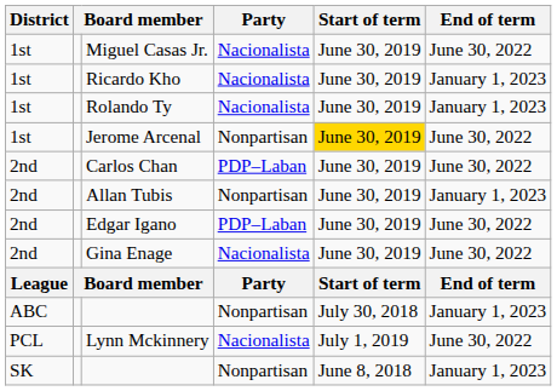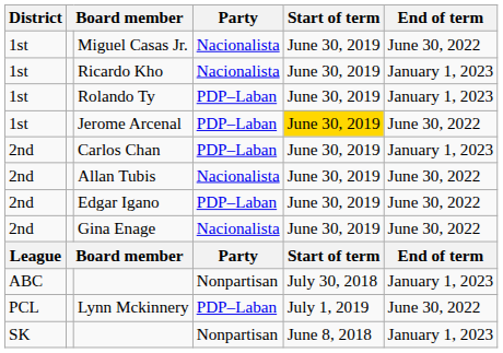 <table class="wikitable">
 <tr>
 <th>District</th>
 <th colspan="2">Board member</th>
 <th>Party</th>
 <th>Start of term</th>
 <th>End of term</th>
 </tr>
 <tr>
 <td>1st</td>
 <td></td>
 <td>Miguel Casas Jr.</td>
 <td><a href='#'>Nacionalista</a></td>
 <td>June 30, 2019</td>
 <td>June 30, 2022</td>
 </tr>
 <tr>
 <td>1st</td>
 <td></td>
 <td>Ricardo Kho</td>
 <td><a href='#'>Nacionalista</a></td>
 <td>June 30, 2019</td>
 <td>January 1, 2023</td>
 </tr>
 <tr>
 <td>1st</td>
 <td></td>
 <td>Rolando Ty</td>
-<td><a href='#'>Nacionalista</a></td>
+<td><a href='#'>PDP–Laban</a></td>
 <td>June 30, 2019</td>
 <td>January 1, 2023</td>
 </tr>
 <tr>
 <td>1st</td>
 <td></td>
 <td>Jerome Arcenal</td>
-<td>Nonpartisan</td>
+<td><a href='#'>PDP–Laban</a></td>
 <td style="background: gold;">June 30, 2019</td>
 <td>June 30, 2022</td>
 </tr>
 <tr>
 <td>2nd</td>
 <td></td>
 <td>Carlos Chan</td>
 <td><a href='#'>PDP–Laban</a></td>
 <td>June 30, 2019</td>
-<td>June 30, 2022</td>
+<td>January 1, 2023</td>
 </tr>
 <tr>
 <td>2nd</td>
 <td></td>
 <td>Allan Tubis</td>
-<td>Nonpartisan</td>
+<td><a href='#'>Nacionalista</a></td>
 <td>June 30, 2019</td>
-<td>January 1, 2023</td>
+<td>June 30, 2022</td>
 </tr>
 <tr>
 <td>2nd</td>
 <td></td>
 <td>Edgar Igano</td>
 <td><a href='#'>PDP–Laban</a></td>
 <td>June 30, 2019</td>
 <td>June 30, 2022</td>
 </tr>
 <tr>
 <td>2nd</td>
 <td></td>
 <td>Gina Enage</td>
 <td><a href='#'>Nacionalista</a></td>
 <td>June 30, 2019</td>
 <td>June 30, 2022</td>
 </tr>
 <tr>
 <th>League</th>
 <th colspan="2">Board member</th>
 <th>Party</th>
 <th>Start of term</th>
 <th>End of term</th>
 </tr>
 <tr>
 <td>ABC</td>
 <td></td>
 <td></td>
 <td>Nonpartisan</td>
 <td>July 30, 2018</td>
 <td>January 1, 2023</td>
 </tr>
 <tr>
 <td>PCL</td>
 <td></td>
 <td>Lynn Mckinnery</td>
-<td><a href='#'>Nacionalista</a></td>
+<td><a href='#'>PDP–Laban</a></td>
 <td>July 1, 2019</td>
 <td>June 30, 2022</td>
 </tr>
 <tr>
 <td>SK</td>
 <td></td>
 <td></td>
 <td>Nonpartisan</td>
 <td>June 8, 2018</td>
 <td>January 1, 2023</td>
 </tr>
 </table>
